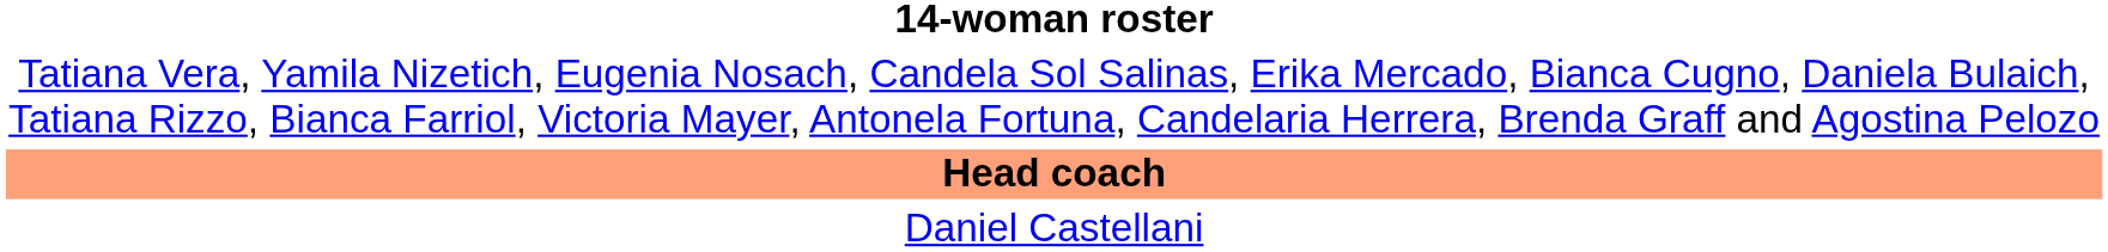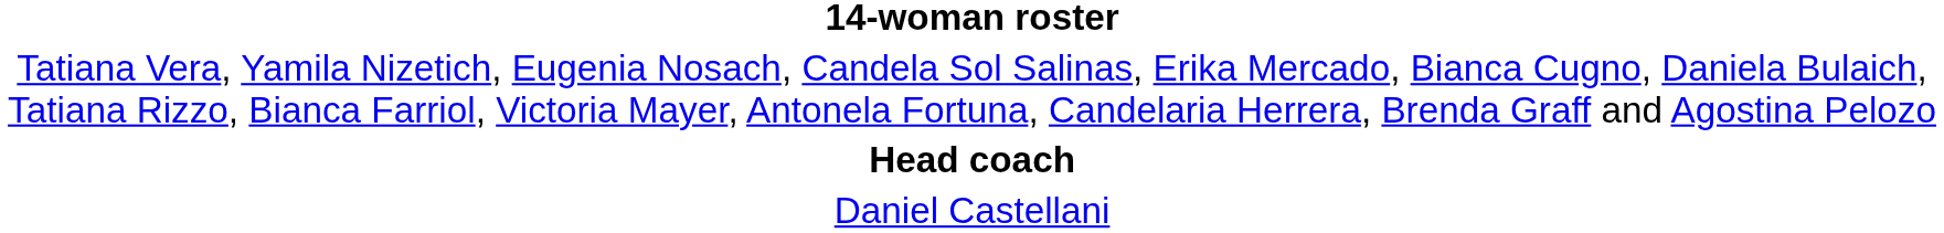 <table style="text-align: center; margin-top: 2em; margin-left: auto; margin-right: auto;">
 <tr>
 <th>14-woman roster</th>
 </tr>
 <tr>
 <td><a href='#'>Tatiana Vera</a>, <a href='#'>Yamila Nizetich</a>, <a href='#'>Eugenia Nosach</a>, <a href='#'>Candela Sol Salinas</a>, <a href='#'>Erika Mercado</a>, <a href='#'>Bianca Cugno</a>, <a href='#'>Daniela Bulaich</a>,<br> <a href='#'>Tatiana Rizzo</a>, <a href='#'>Bianca Farriol</a>, <a href='#'>Victoria Mayer</a>, <a href='#'>Antonela Fortuna</a>, <a href='#'>Candelaria Herrera</a>, <a href='#'>Brenda Graff</a> and <a href='#'>Agostina Pelozo</a></td>
 </tr>
 <tr>
-<td style="background: lightsalmon;"><strong>Head coach</strong></td>
+<td><strong>Head coach</strong></td>
 </tr>
 <tr>
 <td><a href='#'>Daniel Castellani</a></td>
 </tr>
 </table>
